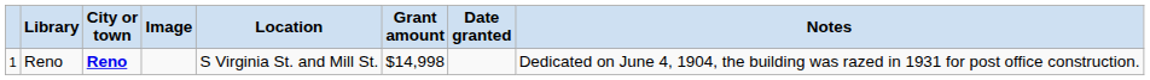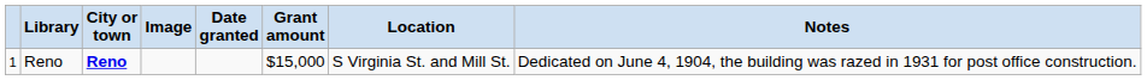 <table class="wikitable sortable" align="center">
 <tr>
 <th style="background-color:#CEE0F2;"></th>
 <th style="background-color:#CEE0F2;">Library</th>
 <th style="background-color:#CEE0F2;">City or<br>town</th>
 <th style="background-color:#CEE0F2;" class="unsortable">Image</th>
+<th style="background-color:#CEE0F2;">Date<br>granted</th>
+<th style="background-color:#CEE0F2;">Grant<br>amount</th>
 <th style="background-color:#CEE0F2;">Location</th>
-<th style="background-color:#CEE0F2;">Grant<br>amount</th>
-<th style="background-color:#CEE0F2;">Date<br>granted</th>
 <th style="background-color:#CEE0F2;" class="unsortable">Notes</th>
 </tr>
 <tr ->
 <td align=center><small>1</small></td>
 <td>Reno</td>
 <td><strong><a href='#'>Reno</a></strong></td>
 <td></td>
+<td></td>
+<td align=right>$15,000</td>
 <td>S Virginia St. and Mill St.<br><small></small></td>
-<td align=right>$14,998</td>
-<td></td>
 <td>Dedicated on June 4, 1904, the building was razed in 1931 for post office construction.</td>
 </tr>
 </table>
